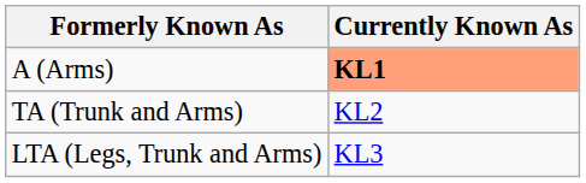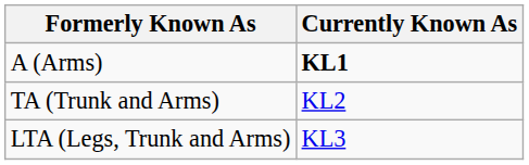 <table class="wikitable">
 <tr>
 <th>Formerly Known As</th>
 <th>Currently Known As</th>
 </tr>
 <tr>
 <td>A (Arms)</td>
-<td style="background: lightsalmon;"><strong>KL1</strong></td>
+<td><strong>KL1</strong></td>
 </tr>
 <tr>
 <td>TA (Trunk and Arms)</td>
 <td><a href='#'>KL2</a></td>
 </tr>
 <tr>
 <td>LTA (Legs, Trunk and Arms)</td>
 <td><a href='#'>KL3</a></td>
 </tr>
 </table>
